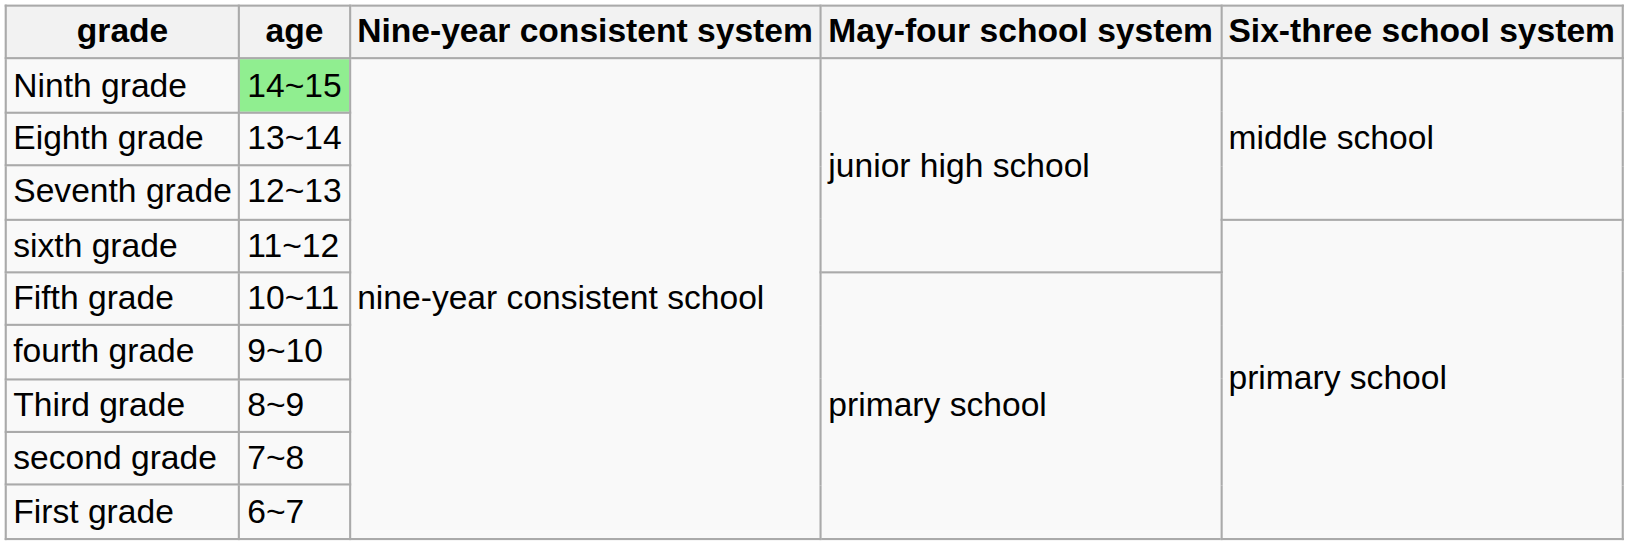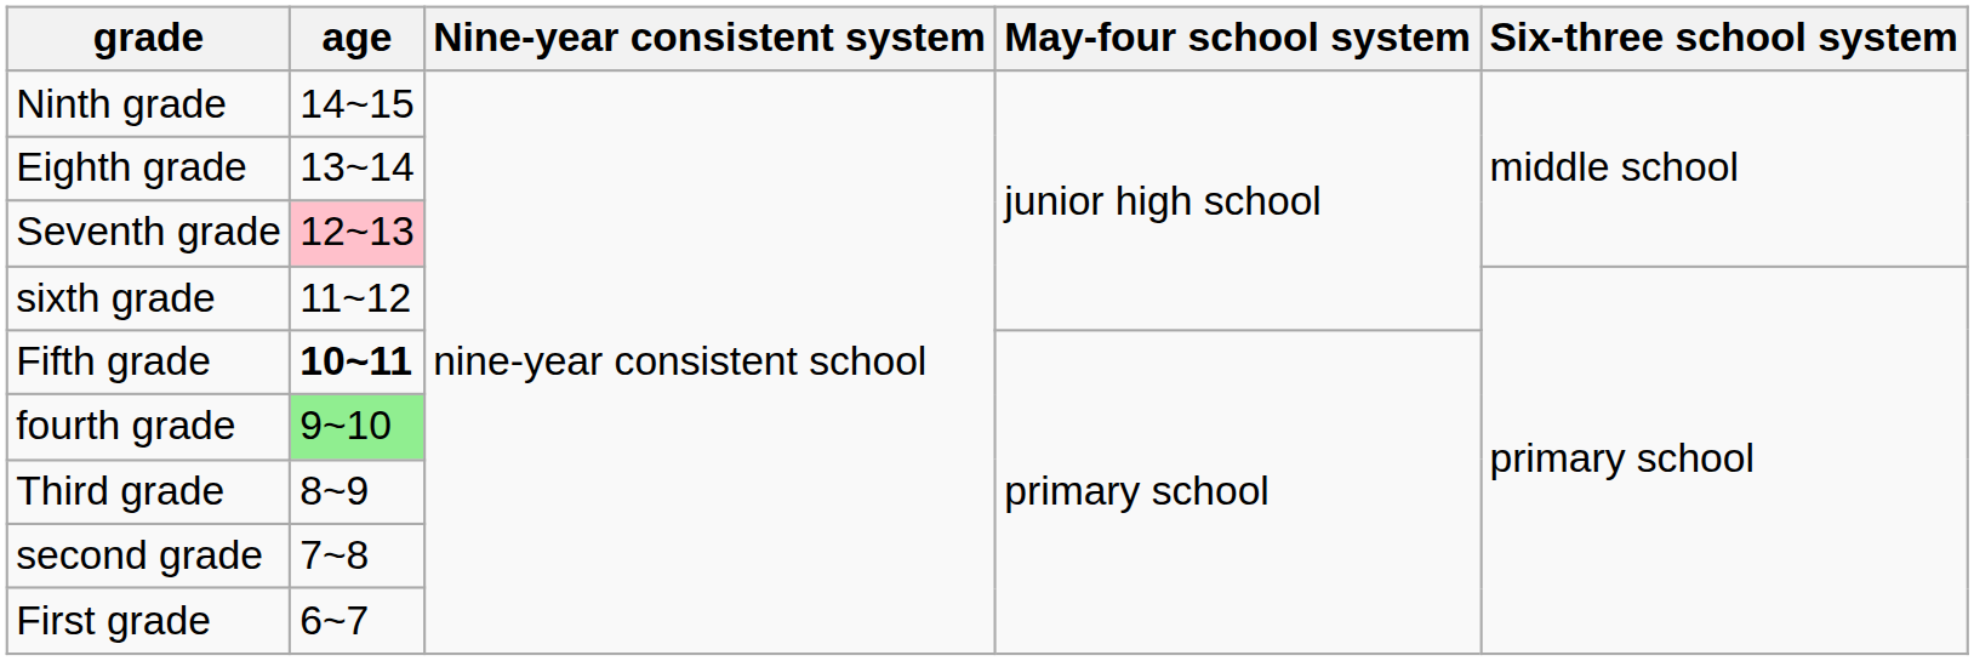 <table class="wikitable" align="RIGHT">
 <tr>
 <th>grade</th>
 <th>age</th>
 <th>Nine-year consistent system</th>
 <th>May-four school system</th>
 <th>Six-three school system</th>
 </tr>
 <tr>
 <td>Ninth grade</td>
-<td style="background: lightgreen;">14~15</td>
+<td>14~15</td>
 <td rowspan="9">nine-year consistent school</td>
 <td rowspan="4">junior high school</td>
 <td rowspan="3">middle school</td>
 </tr>
 <tr>
 <td>Eighth grade</td>
 <td>13~14</td>
 </tr>
 <tr>
 <td>Seventh grade</td>
-<td>12~13</td>
+<td style="background: pink;">12~13</td>
 </tr>
 <tr>
 <td>sixth grade</td>
 <td>11~12</td>
 <td rowspan="6">primary school</td>
 </tr>
 <tr>
 <td>Fifth grade</td>
-<td>10~11</td>
+<td><strong>10~11</strong></td>
 <td rowspan="5">primary school</td>
 </tr>
 <tr>
 <td>fourth grade</td>
-<td>9~10</td>
+<td style="background: lightgreen;">9~10</td>
 </tr>
 <tr>
 <td>Third grade</td>
 <td>8~9</td>
 </tr>
 <tr>
 <td>second grade</td>
 <td>7~8</td>
 </tr>
 <tr>
 <td>First grade</td>
 <td>6~7</td>
 </tr>
 </table>
